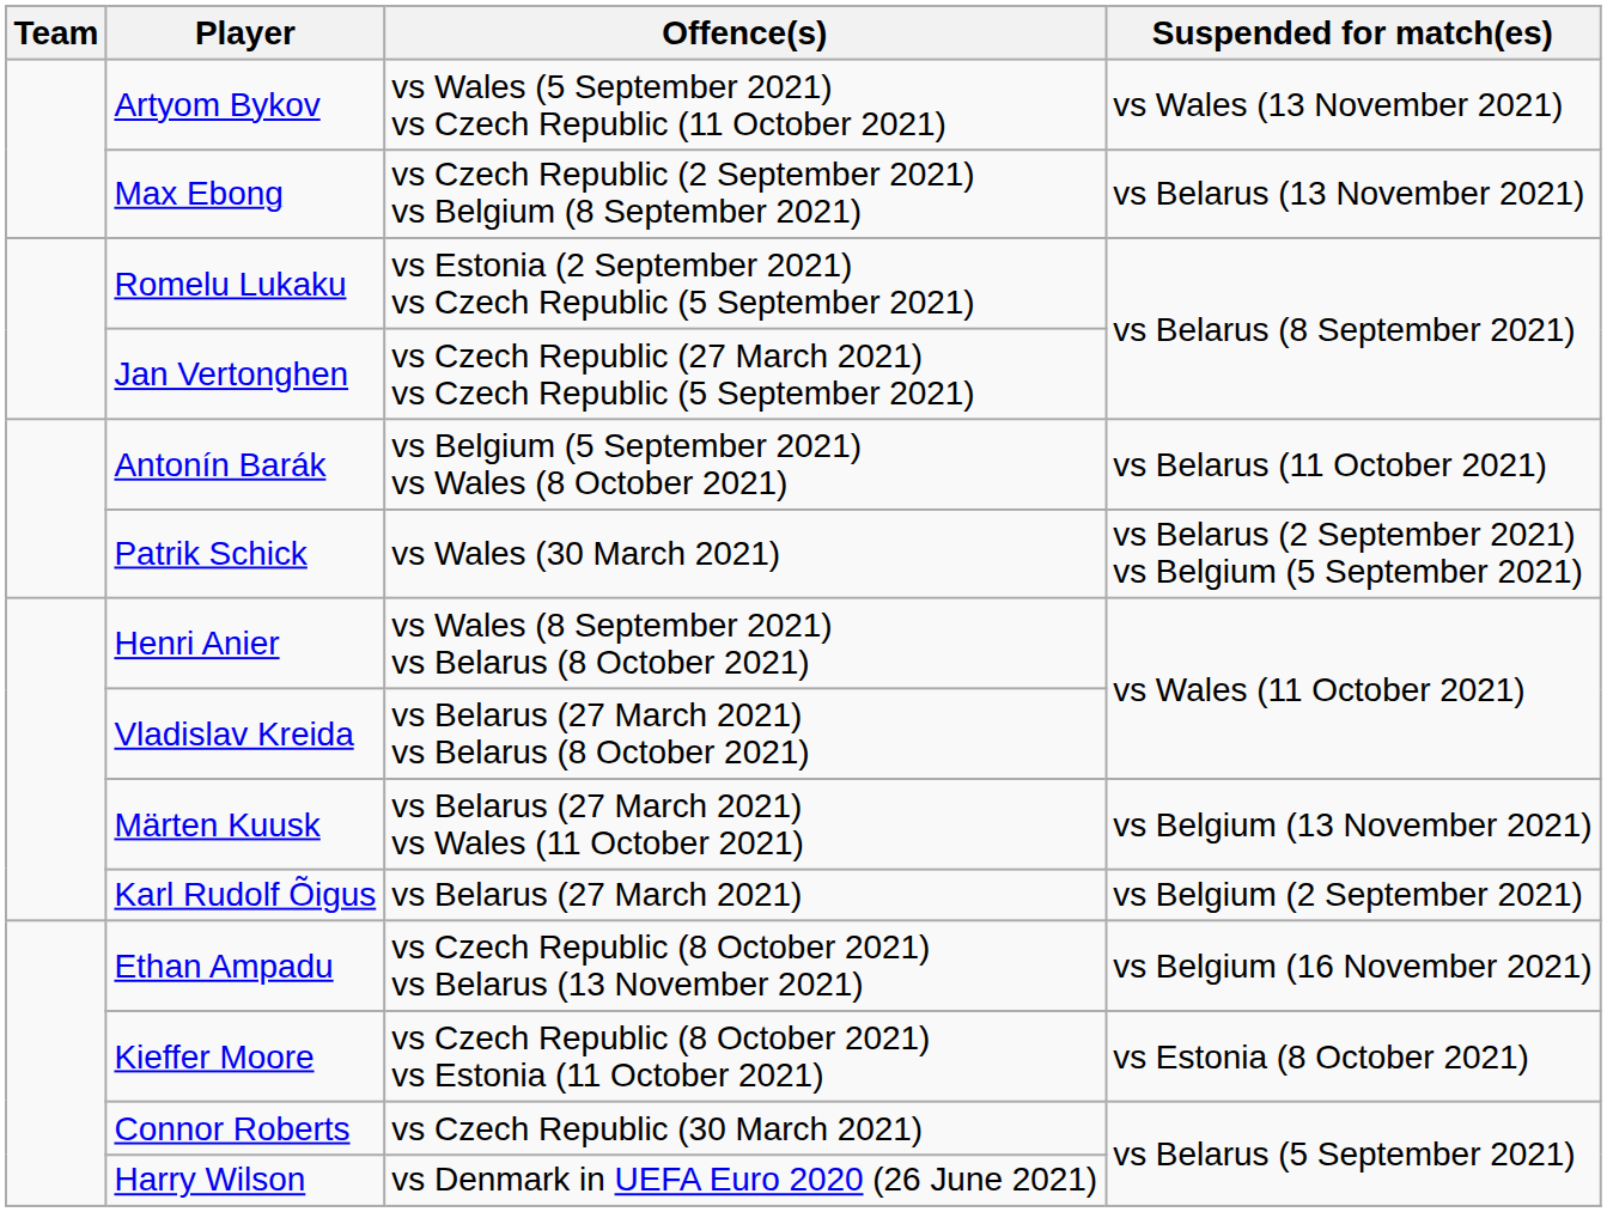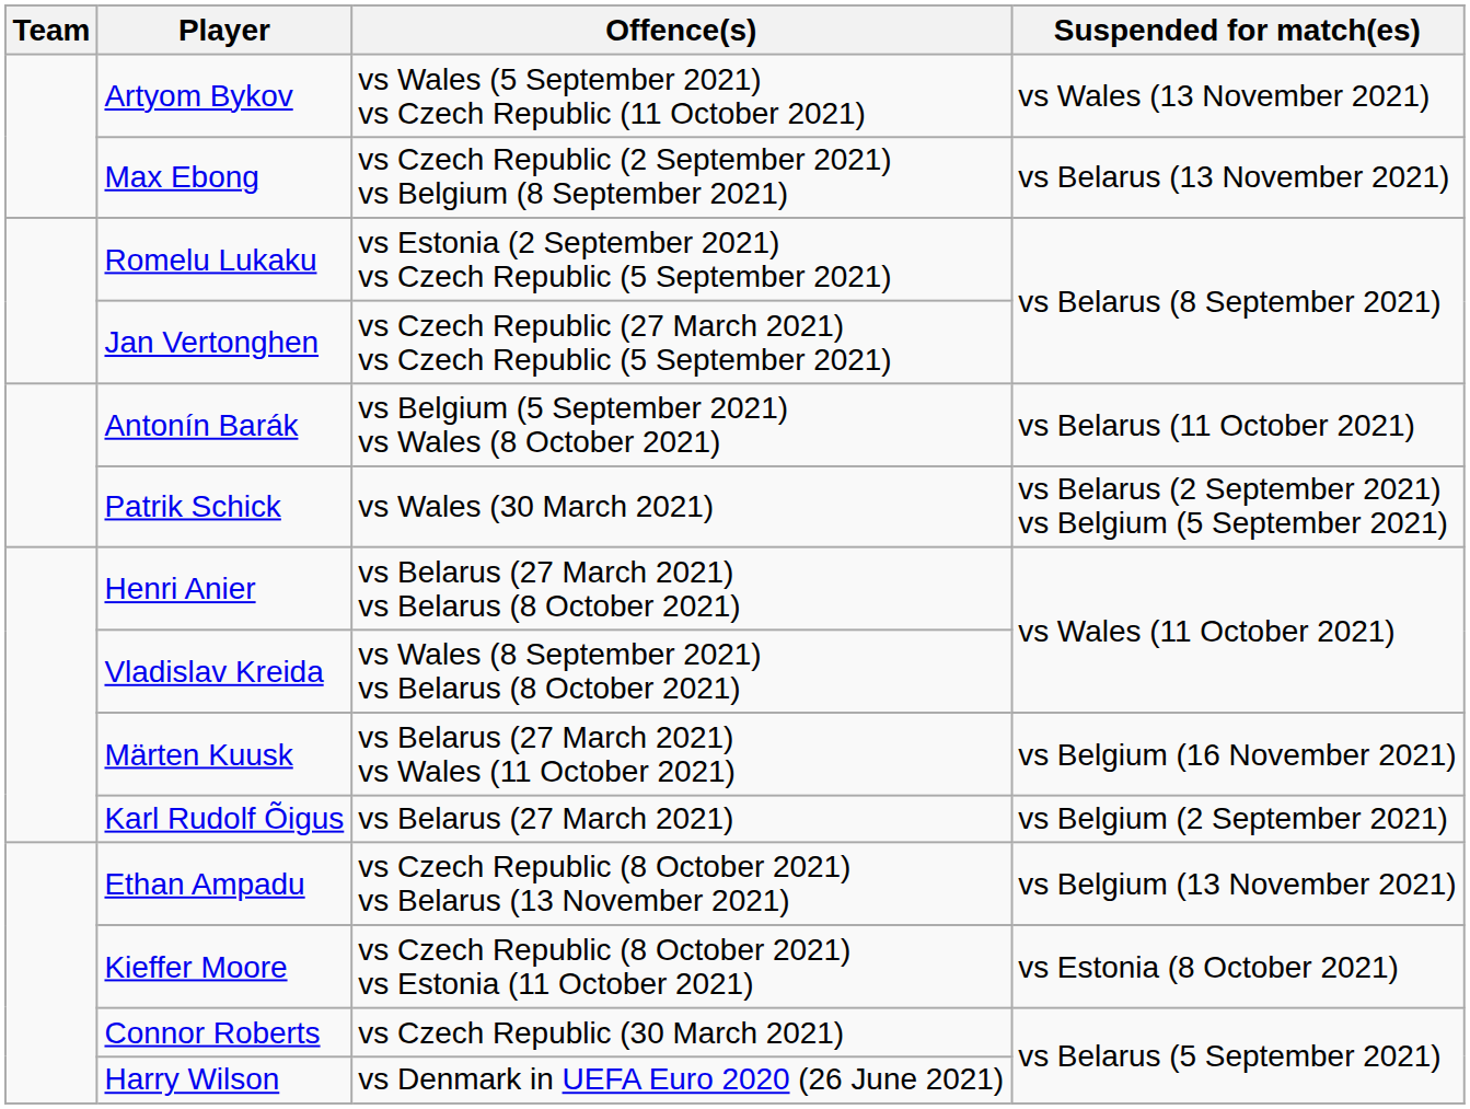 <table class="wikitable" style="font-size:90%">
 <tr>
 <th>Team</th>
 <th>Player</th>
 <th>Offence(s)</th>
 <th>Suspended for match(es)</th>
 </tr>
 <tr>
 <td rowspan=2></td>
 <td><a href='#'>Artyom Bykov</a></td>
 <td> vs Wales (5 September 2021)<br> vs Czech Republic (11 October 2021)</td>
 <td>vs Wales (13 November 2021)</td>
 </tr>
 <tr>
 <td><a href='#'>Max Ebong</a></td>
 <td> vs Czech Republic (2 September 2021)<br> vs Belgium (8 September 2021)</td>
 <td>vs Belarus (13 November 2021)</td>
 </tr>
 <tr>
 <td rowspan=2></td>
 <td><a href='#'>Romelu Lukaku</a></td>
 <td> vs Estonia (2 September 2021)<br> vs Czech Republic (5 September 2021)</td>
 <td rowspan=2>vs Belarus (8 September 2021)</td>
 </tr>
 <tr>
 <td><a href='#'>Jan Vertonghen</a></td>
 <td> vs Czech Republic (27 March 2021)<br> vs Czech Republic (5 September 2021)</td>
 </tr>
 <tr>
 <td rowspan=2></td>
 <td><a href='#'>Antonín Barák</a></td>
 <td> vs Belgium (5 September 2021)<br> vs Wales (8 October 2021)</td>
 <td>vs Belarus (11 October 2021)</td>
 </tr>
 <tr>
 <td><a href='#'>Patrik Schick</a></td>
 <td> vs Wales (30 March 2021)</td>
 <td>vs Belarus (2 September 2021)<br>vs Belgium (5 September 2021)</td>
 </tr>
 <tr>
 <td rowspan=4></td>
 <td><a href='#'>Henri Anier</a></td>
-<td> vs Wales (8 September 2021)<br> vs Belarus (8 October 2021)</td>
+<td> vs Belarus (27 March 2021)<br> vs Belarus (8 October 2021)</td>
 <td rowspan=2>vs Wales (11 October 2021)</td>
 </tr>
 <tr>
 <td><a href='#'>Vladislav Kreida</a></td>
-<td> vs Belarus (27 March 2021)<br> vs Belarus (8 October 2021)</td>
+<td> vs Wales (8 September 2021)<br> vs Belarus (8 October 2021)</td>
 </tr>
 <tr>
 <td><a href='#'>Märten Kuusk</a></td>
 <td> vs Belarus (27 March 2021)<br> vs Wales (11 October 2021)</td>
-<td>vs Belgium (13 November 2021)</td>
+<td>vs Belgium (16 November 2021)</td>
 </tr>
 <tr>
 <td><a href='#'>Karl Rudolf Õigus</a></td>
 <td> vs Belarus (27 March 2021)</td>
 <td>vs Belgium (2 September 2021)</td>
 </tr>
 <tr>
 <td rowspan=4></td>
 <td><a href='#'>Ethan Ampadu</a></td>
 <td> vs Czech Republic (8 October 2021)<br> vs Belarus (13 November 2021)</td>
-<td>vs Belgium (16 November 2021)</td>
+<td>vs Belgium (13 November 2021)</td>
 </tr>
 <tr>
 <td><a href='#'>Kieffer Moore</a></td>
 <td> vs Czech Republic (8 October 2021)<br> vs Estonia (11 October 2021)</td>
 <td>vs Estonia (8 October 2021)</td>
 </tr>
 <tr>
 <td><a href='#'>Connor Roberts</a></td>
 <td> vs Czech Republic (30 March 2021)</td>
 <td rowspan=2>vs Belarus (5 September 2021)</td>
 </tr>
 <tr>
 <td><a href='#'>Harry Wilson</a></td>
 <td> vs Denmark in <a href='#'>UEFA Euro 2020</a> (26 June 2021)</td>
 </tr>
 </table>
